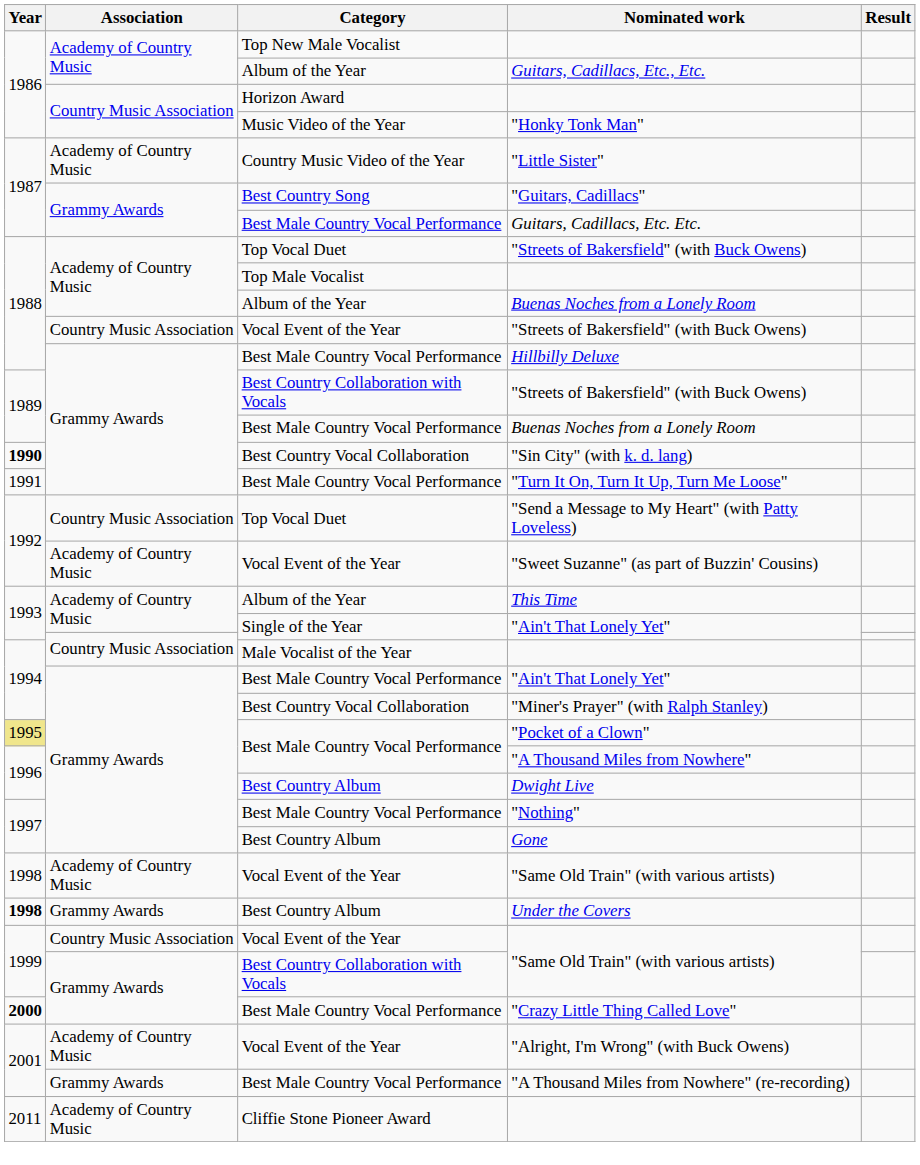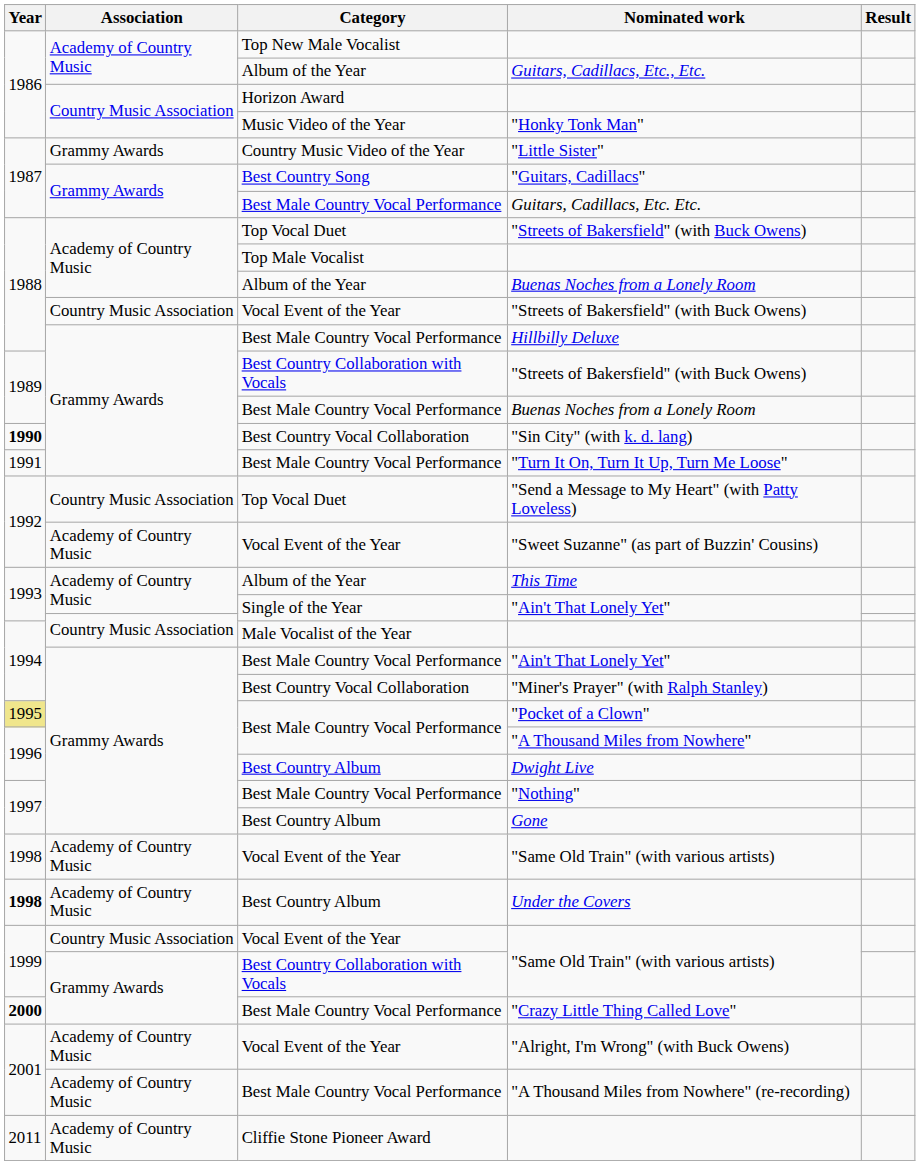 <table class="wikitable">
 <tr>
 <th>Year</th>
 <th>Association</th>
 <th>Category</th>
 <th>Nominated work</th>
 <th>Result<br>  </th>
 </tr>
 <tr>
 <td rowspan=4>1986</td>
 <td rowspan=2><a href='#'>Academy of Country Music</a></td>
 <td>Top New Male Vocalist</td>
 <td></td>
 <td></td>
 </tr>
 <tr>
 <td>Album of the Year</td>
 <td><em><a href='#'>Guitars, Cadillacs, Etc., Etc.</a></em></td>
 <td></td>
 </tr>
 <tr>
 <td rowspan=2><a href='#'>Country Music Association</a></td>
 <td>Horizon Award</td>
 <td></td>
 <td></td>
 </tr>
 <tr>
 <td>Music Video of the Year</td>
 <td>"<a href='#'>Honky Tonk Man</a>"</td>
 <td></td>
 </tr>
 <tr>
 <td rowspan=3>1987</td>
-<td>Academy of Country Music</td>
+<td>Grammy Awards</td>
 <td>Country Music Video of the Year</td>
 <td>"<a href='#'>Little Sister</a>"</td>
 <td></td>
 </tr>
 <tr>
 <td rowspan=2><a href='#'>Grammy Awards</a></td>
 <td><a href='#'>Best Country Song</a></td>
 <td>"<a href='#'>Guitars, Cadillacs</a>"</td>
 <td></td>
 </tr>
 <tr>
 <td><a href='#'>Best Male Country Vocal Performance</a></td>
 <td><em>Guitars, Cadillacs, Etc. Etc.</em></td>
 <td></td>
 </tr>
 <tr>
 <td rowspan=5>1988</td>
 <td rowspan=3>Academy of Country Music</td>
 <td>Top Vocal Duet</td>
 <td>"<a href='#'>Streets of Bakersfield</a>" (with <a href='#'>Buck Owens</a>)</td>
 <td></td>
 </tr>
 <tr>
 <td>Top Male Vocalist</td>
 <td></td>
 <td></td>
 </tr>
 <tr>
 <td>Album of the Year</td>
 <td><em><a href='#'>Buenas Noches from a Lonely Room</a></em></td>
 <td></td>
 </tr>
 <tr>
 <td>Country Music Association</td>
 <td>Vocal Event of the Year</td>
 <td>"Streets of Bakersfield" (with Buck Owens)</td>
 <td></td>
 </tr>
 <tr>
 <td rowspan=5>Grammy Awards</td>
 <td>Best Male Country Vocal Performance</td>
 <td><em><a href='#'>Hillbilly Deluxe</a></em></td>
 <td></td>
 </tr>
 <tr>
 <td rowspan=2>1989</td>
 <td><a href='#'>Best Country Collaboration with Vocals</a></td>
 <td>"Streets of Bakersfield" (with Buck Owens)</td>
 <td></td>
 </tr>
 <tr>
 <td>Best Male Country Vocal Performance</td>
 <td><em>Buenas Noches from a Lonely Room</em></td>
 <td></td>
 </tr>
 <tr>
 <td><strong>1990</strong></td>
 <td>Best Country Vocal Collaboration</td>
 <td>"Sin City" (with <a href='#'>k. d. lang</a>)</td>
 <td></td>
 </tr>
 <tr>
 <td>1991</td>
 <td>Best Male Country Vocal Performance</td>
 <td>"<a href='#'>Turn It On, Turn It Up, Turn Me Loose</a>"</td>
 <td></td>
 </tr>
 <tr>
 <td rowspan=2>1992</td>
 <td>Country Music Association</td>
 <td>Top Vocal Duet</td>
 <td>"Send a Message to My Heart" (with <a href='#'>Patty Loveless</a>)</td>
 <td></td>
 </tr>
 <tr>
 <td>Academy of Country Music</td>
 <td>Vocal Event of the Year</td>
 <td>"Sweet Suzanne" (as part of Buzzin' Cousins)</td>
 <td></td>
 </tr>
 <tr>
 <td rowspan=3>1993</td>
 <td rowspan=2>Academy of Country Music</td>
 <td>Album of the Year</td>
 <td><em><a href='#'>This Time</a></em></td>
 <td></td>
 </tr>
 <tr>
 <td rowspan=2>Single of the Year</td>
 <td rowspan=2>"<a href='#'>Ain't That Lonely Yet</a>"</td>
 <td></td>
 </tr>
 <tr>
 <td rowspan=2>Country Music Association</td>
 <td></td>
 </tr>
 <tr>
 <td rowspan=3>1994</td>
 <td>Male Vocalist of the Year</td>
 <td></td>
 <td></td>
 </tr>
 <tr>
 <td rowspan=7>Grammy Awards</td>
 <td>Best Male Country Vocal Performance</td>
 <td>"<a href='#'>Ain't That Lonely Yet</a>"</td>
 <td></td>
 </tr>
 <tr>
 <td>Best Country Vocal Collaboration</td>
 <td>"Miner's Prayer" (with <a href='#'>Ralph Stanley</a>)</td>
 <td></td>
 </tr>
 <tr>
 <td style="background: khaki;">1995</td>
 <td rowspan=2>Best Male Country Vocal Performance</td>
 <td>"<a href='#'>Pocket of a Clown</a>"</td>
 <td></td>
 </tr>
 <tr>
 <td rowspan=2>1996</td>
 <td>"<a href='#'>A Thousand Miles from Nowhere</a>"</td>
 <td></td>
 </tr>
 <tr>
 <td><a href='#'>Best Country Album</a></td>
 <td><em><a href='#'>Dwight Live</a></em></td>
 <td></td>
 </tr>
 <tr>
 <td rowspan=2>1997</td>
 <td>Best Male Country Vocal Performance</td>
 <td>"<a href='#'>Nothing</a>"</td>
 <td></td>
 </tr>
 <tr>
 <td>Best Country Album</td>
 <td><em><a href='#'>Gone</a></em></td>
 <td></td>
 </tr>
 <tr>
 <td>1998</td>
 <td>Academy of Country Music</td>
 <td>Vocal Event of the Year</td>
 <td>"Same Old Train" (with various artists)</td>
 <td></td>
 </tr>
 <tr>
 <td><strong>1998</strong></td>
-<td>Grammy Awards</td>
+<td>Academy of Country Music</td>
 <td>Best Country Album</td>
 <td><em><a href='#'>Under the Covers</a></em></td>
 <td></td>
 </tr>
 <tr>
 <td rowspan=2>1999</td>
 <td>Country Music Association</td>
 <td>Vocal Event of the Year</td>
 <td rowspan=2>"Same Old Train" (with various artists)</td>
 <td></td>
 </tr>
 <tr>
 <td rowspan=2>Grammy Awards</td>
 <td><a href='#'>Best Country Collaboration with Vocals</a></td>
 <td></td>
 </tr>
 <tr>
 <td><strong>2000</strong></td>
 <td>Best Male Country Vocal Performance</td>
 <td>"<a href='#'>Crazy Little Thing Called Love</a>"</td>
 <td></td>
 </tr>
 <tr>
 <td rowspan=2>2001</td>
 <td>Academy of Country Music</td>
 <td>Vocal Event of the Year</td>
 <td>"Alright, I'm Wrong" (with Buck Owens)</td>
 <td></td>
 </tr>
 <tr>
-<td>Grammy Awards</td>
+<td>Academy of Country Music</td>
 <td>Best Male Country Vocal Performance</td>
 <td>"A Thousand Miles from Nowhere" (re-recording)</td>
 <td></td>
 </tr>
 <tr>
 <td>2011</td>
 <td>Academy of Country Music</td>
 <td>Cliffie Stone Pioneer Award</td>
 <td></td>
 <td></td>
 </tr>
 </table>
